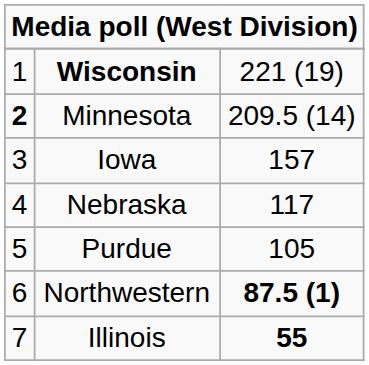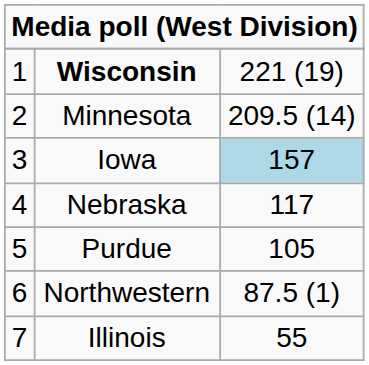 <table class="wikitable" style="display: inline-table;">
 <tr>
 <td style="text-align:center" Colspan="3"><strong>Media poll (West Division)</strong></td>
 </tr>
 <tr style="text-align:center">
 </tr>
 <tr style="text-align:center">
 <td>1</td>
 <td><strong>Wisconsin</strong></td>
 <td>221 (19)</td>
 </tr>
 <tr style="text-align:center">
-<td><strong>2</strong></td>
+<td>2</td>
 <td>Minnesota</td>
 <td>209.5 (14)</td>
 </tr>
 <tr style="text-align:center">
 <td>3</td>
 <td>Iowa</td>
-<td>157</td>
+<td style="background: lightblue;">157</td>
 </tr>
 <tr style="text-align:center">
 <td>4</td>
 <td>Nebraska</td>
 <td>117</td>
 </tr>
 <tr style="text-align:center">
 <td>5</td>
 <td>Purdue</td>
 <td>105</td>
 </tr>
 <tr style="text-align:center">
 <td>6</td>
 <td>Northwestern</td>
-<td><strong>87.5 (1)</strong></td>
+<td>87.5 (1)</td>
 </tr>
 <tr style="text-align:center">
 <td>7</td>
 <td>Illinois</td>
-<td><strong>55</strong></td>
+<td>55</td>
 </tr>
 </table>
